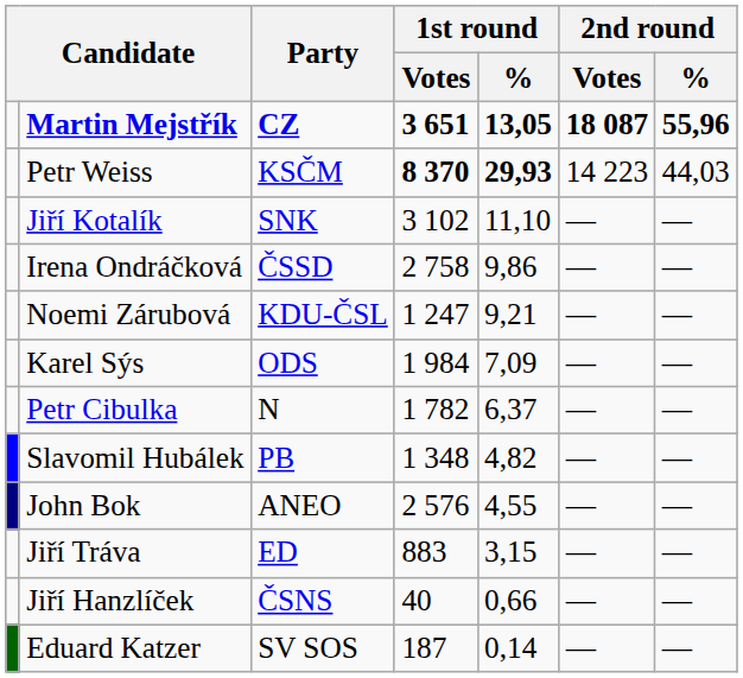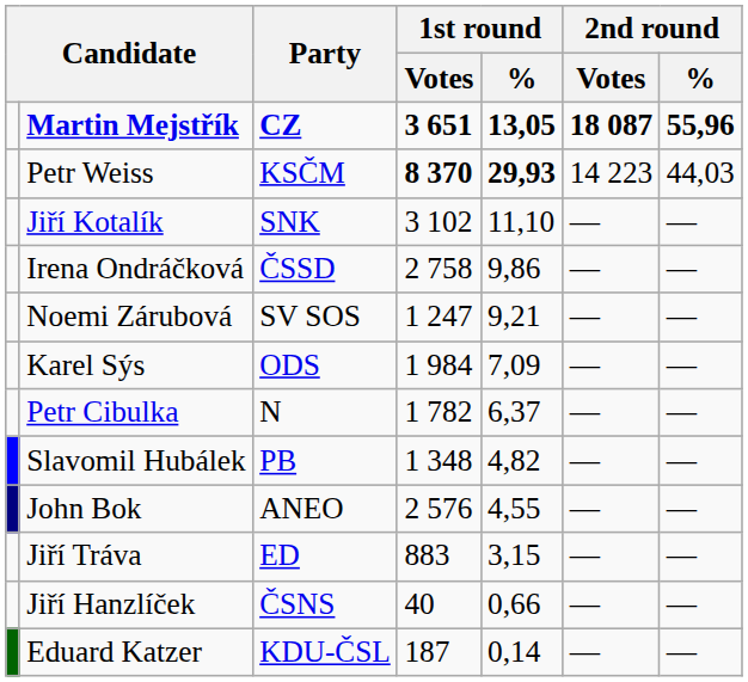 <table class="wikitable sortable">
 <tr>
 <th colspan="2" rowspan="2">Candidate</th>
 <th rowspan="2">Party</th>
 <th colspan="2">1st round</th>
 <th colspan="2">2nd round</th>
 </tr>
 <tr>
 <th>Votes</th>
 <th>%</th>
 <th>Votes</th>
 <th>%</th>
 </tr>
 <tr>
 <td style="background-color:"></td>
 <td><strong><a href='#'>Martin Mejstřík</a></strong></td>
 <td><strong><a href='#'>CZ</a></strong></td>
 <td><strong>3 651</strong></td>
 <td><strong>13,05</strong></td>
 <td><strong>18 087</strong></td>
 <td><strong>55,96</strong></td>
 </tr>
 <tr>
 <td style="background-color:"></td>
 <td>Petr Weiss</td>
 <td><a href='#'>KSČM</a></td>
 <td><strong>8 370</strong></td>
 <td><strong>29,93</strong></td>
 <td>14 223</td>
 <td>44,03</td>
 </tr>
 <tr>
 <td style="background-color:"></td>
 <td><a href='#'>Jiří Kotalík</a></td>
 <td><a href='#'>SNK</a></td>
 <td>3 102</td>
 <td>11,10</td>
 <td>—</td>
 <td>—</td>
 </tr>
 <tr>
 <td style="background-color:"></td>
 <td>Irena Ondráčková</td>
 <td><a href='#'>ČSSD</a></td>
 <td>2 758</td>
 <td>9,86</td>
 <td>—</td>
 <td>—</td>
 </tr>
 <tr>
 <td style="background-color:"></td>
 <td>Noemi Zárubová</td>
-<td><a href='#'>KDU-ČSL</a></td>
+<td>SV SOS</td>
 <td>1 247</td>
 <td>9,21</td>
 <td>—</td>
 <td>—</td>
 </tr>
 <tr>
 <td style="background-color:"></td>
 <td>Karel Sýs</td>
 <td><a href='#'>ODS</a></td>
 <td>1 984</td>
 <td>7,09</td>
 <td>—</td>
 <td>—</td>
 </tr>
 <tr>
 <td style="background-color:"></td>
 <td><a href='#'>Petr Cibulka</a></td>
 <td>N</td>
 <td>1 782</td>
 <td>6,37</td>
 <td>—</td>
 <td>—</td>
 </tr>
 <tr>
 <td style="background-color:blue"></td>
 <td>Slavomil Hubálek</td>
 <td><a href='#'>PB</a></td>
 <td>1 348</td>
 <td>4,82</td>
 <td>—</td>
 <td>—</td>
 </tr>
 <tr>
 <td style="background-color:navy"></td>
 <td>John Bok</td>
 <td>ANEO</td>
 <td>2 576</td>
 <td>4,55</td>
 <td>—</td>
 <td>—</td>
 </tr>
 <tr>
 <td style="background-color:"></td>
 <td>Jiří Tráva</td>
 <td><a href='#'>ED</a></td>
 <td>883</td>
 <td>3,15</td>
 <td>—</td>
 <td>—</td>
 </tr>
 <tr>
 <td style="background-color:"></td>
 <td>Jiří Hanzlíček</td>
 <td><a href='#'>ČSNS</a></td>
 <td>40</td>
 <td>0,66</td>
 <td>—</td>
 <td>—</td>
 </tr>
 <tr>
 <td style="background-color:darkgreen"></td>
 <td>Eduard Katzer</td>
-<td>SV SOS</td>
+<td><a href='#'>KDU-ČSL</a></td>
 <td>187</td>
 <td>0,14</td>
 <td>—</td>
 <td>—</td>
 </tr>
 </table>
